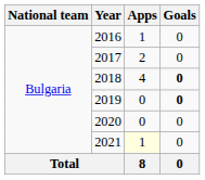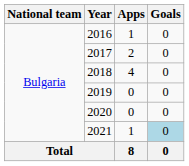 <table class="wikitable" style="text-align:center">
 <tr>
 <th>National team</th>
 <th>Year</th>
 <th>Apps</th>
 <th>Goals</th>
 </tr>
 <tr>
 <td rowspan="6"><a href='#'>Bulgaria</a></td>
 <td>2016</td>
 <td>1</td>
 <td>0</td>
 </tr>
 <tr>
 <td>2017</td>
 <td>2</td>
 <td>0</td>
 </tr>
 <tr>
 <td>2018</td>
 <td>4</td>
-<td><strong>0</strong></td>
+<td>0</td>
 </tr>
 <tr>
 <td>2019</td>
 <td>0</td>
-<td><strong>0</strong></td>
+<td>0</td>
 </tr>
 <tr>
 <td>2020</td>
 <td>0</td>
 <td>0</td>
 </tr>
 <tr>
 <td>2021</td>
-<td style="background: lightyellow;">1</td>
-<td>0</td>
+<td>1</td>
+<td style="background: lightblue;">0</td>
 </tr>
 <tr>
 <th colspan="2">Total</th>
 <th>8</th>
 <th>0</th>
 </tr>
 </table>
